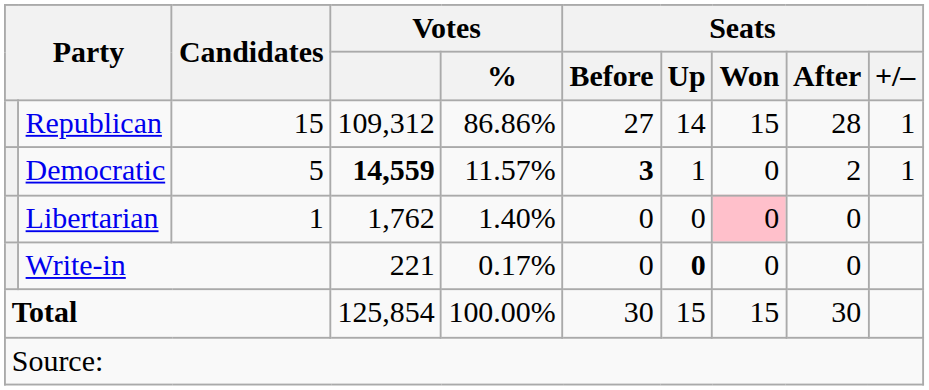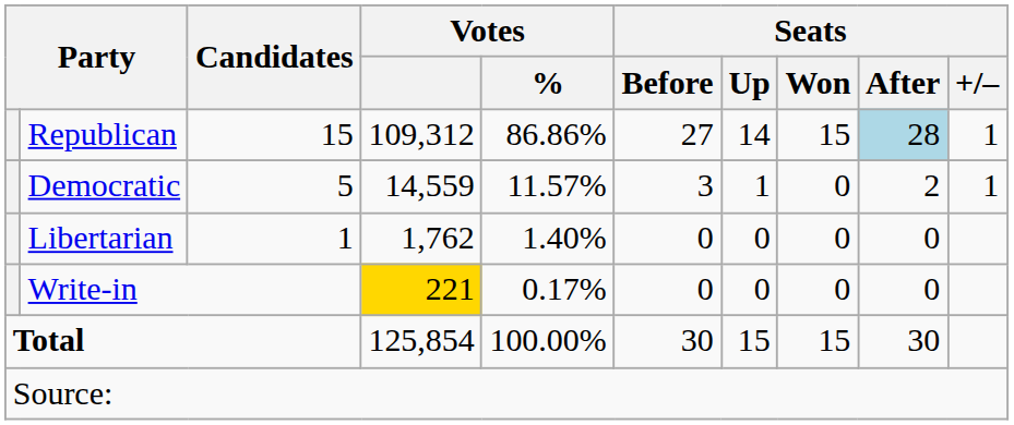 <table class="wikitable">
 <tr>
 <th rowspan="2" colspan="2">Party</th>
 <th rowspan="2">Candidates</th>
 <th colspan="2">Votes</th>
 <th colspan="5">Seats</th>
 </tr>
 <tr>
 <th></th>
 <th>%</th>
 <th>Before</th>
 <th>Up</th>
 <th>Won</th>
 <th>After</th>
 <th>+/–</th>
 </tr>
 <tr>
 <th style="background-color:"></th>
 <td><a href='#'>Republican</a></td>
 <td align="right">15</td>
 <td align="right">109,312</td>
 <td align="right">86.86%</td>
 <td align="right">27</td>
 <td align="right">14</td>
 <td align="right">15</td>
-<td align="right">28</td>
+<td align="right" style="background: lightblue;">28</td>
 <td align="right"> 1</td>
 </tr>
 <tr>
 <th style="background-color:"></th>
 <td><a href='#'>Democratic</a></td>
 <td align="right">5</td>
-<td align="right"><strong>14,559</strong></td>
+<td align="right">14,559</td>
 <td align="right">11.57%</td>
-<td align="right"><strong>3</strong></td>
+<td align="right">3</td>
 <td align="right">1</td>
 <td align="right">0</td>
 <td align="right">2</td>
 <td align="right"> 1</td>
 </tr>
 <tr>
 <th style="background-color:"></th>
 <td><a href='#'>Libertarian</a></td>
 <td align="right">1</td>
 <td align="right">1,762</td>
 <td align="right">1.40%</td>
 <td align="right">0</td>
 <td align="right">0</td>
-<td align="right" style="background: pink;">0</td>
+<td align="right">0</td>
 <td align="right">0</td>
 <td align="right"></td>
 </tr>
 <tr>
 <th style="background-color:"></th>
 <td colspan=2><a href='#'>Write-in</a></td>
-<td align="right">221</td>
+<td align="right" style="background: gold;">221</td>
 <td align="right">0.17%</td>
 <td align="right">0</td>
-<td align="right"><strong>0</strong></td>
+<td align="right">0</td>
 <td align="right">0</td>
 <td align="right">0</td>
 <td align="right"></td>
 </tr>
 <tr>
 <td colspan="3" align="left"><strong>Total</strong></td>
 <td align="right">125,854</td>
 <td align="right">100.00%</td>
 <td align="right">30</td>
 <td align="right">15</td>
 <td align="right">15</td>
 <td align="right">30</td>
 <td align="right"></td>
 </tr>
 <tr>
 <td colspan="10">Source: </td>
 </tr>
 </table>
